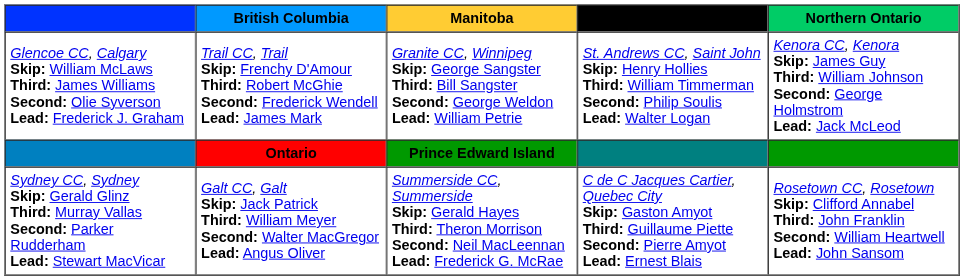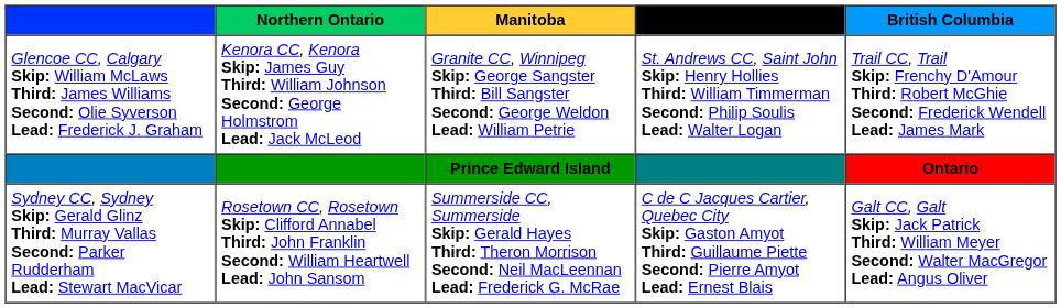 <table - border=1 cellpadding=5 cellspacing=0>
 <tr>
 <th bgcolor=#0033FF width=200></th>
-<th style="background:#09f; width:200px;">British Columbia</th>
+<th style="background:#0c6; width:200px;">Northern Ontario</th>
 <th style="background:#FFCC33; width:200px;">Manitoba</th>
 <th bgcolor=#000000 width=200></th>
-<th style="background:#0c6; width:200px;">Northern Ontario</th>
+<th style="background:#09f; width:200px;">British Columbia</th>
 </tr>
 <tr>
 <td><em><a href='#'>Glencoe CC</a>, <a href='#'>Calgary</a></em><br><strong>Skip:</strong> <a href='#'>William McLaws</a><br> <strong>Third:</strong> <a href='#'>James Williams</a><br> <strong>Second:</strong> <a href='#'>Olie Syverson</a><br> <strong>Lead:</strong> <a href='#'>Frederick J. Graham</a></td>
-<td><em><a href='#'>Trail CC</a>, <a href='#'>Trail</a></em><br><strong>Skip:</strong> <a href='#'>Frenchy D'Amour</a><br> <strong>Third:</strong> <a href='#'>Robert McGhie</a><br> <strong>Second:</strong> <a href='#'>Frederick Wendell</a><br> <strong>Lead:</strong> <a href='#'>James Mark</a></td>
+<td><em><a href='#'>Kenora CC</a>, <a href='#'>Kenora</a></em><br><strong>Skip:</strong> <a href='#'>James Guy</a><br> <strong>Third:</strong> <a href='#'>William Johnson</a><br> <strong>Second:</strong> <a href='#'>George Holmstrom</a><br> <strong>Lead:</strong> <a href='#'>Jack McLeod</a></td>
 <td><em><a href='#'>Granite CC</a>, <a href='#'>Winnipeg</a></em><br><strong>Skip:</strong> <a href='#'>George Sangster</a><br> <strong>Third:</strong> <a href='#'>Bill Sangster</a><br> <strong>Second:</strong> <a href='#'>George Weldon</a><br> <strong>Lead:</strong> <a href='#'>William Petrie</a></td>
 <td><em><a href='#'>St. Andrews CC</a>, <a href='#'>Saint John</a></em><br><strong>Skip:</strong> <a href='#'>Henry Hollies</a><br> <strong>Third:</strong> <a href='#'>William Timmerman</a><br> <strong>Second:</strong> <a href='#'>Philip Soulis</a><br> <strong>Lead:</strong> <a href='#'>Walter Logan</a></td>
-<td><em><a href='#'>Kenora CC</a>, <a href='#'>Kenora</a></em><br><strong>Skip:</strong> <a href='#'>James Guy</a><br> <strong>Third:</strong> <a href='#'>William Johnson</a><br> <strong>Second:</strong> <a href='#'>George Holmstrom</a><br> <strong>Lead:</strong> <a href='#'>Jack McLeod</a></td>
+<td><em><a href='#'>Trail CC</a>, <a href='#'>Trail</a></em><br><strong>Skip:</strong> <a href='#'>Frenchy D'Amour</a><br> <strong>Third:</strong> <a href='#'>Robert McGhie</a><br> <strong>Second:</strong> <a href='#'>Frederick Wendell</a><br> <strong>Lead:</strong> <a href='#'>James Mark</a></td>
 </tr>
 <tr border=1 cellpadding=5 cellspacing=0>
 <th bgcolor=#0080C0 width=200></th>
-<th bgcolor=#FF0000 width=200>Ontario</th>
+<th bgcolor=#009900 width=200></th>
 <th style="background:#090; width:200px;">Prince Edward Island</th>
 <th style="background:#008080; width:200px;"></th>
-<th bgcolor=#009900 width=200></th>
+<th bgcolor=#FF0000 width=200>Ontario</th>
 </tr>
 <tr>
 <td><em><a href='#'>Sydney CC</a>, <a href='#'>Sydney</a></em><br><strong>Skip:</strong> <a href='#'>Gerald Glinz</a><br> <strong>Third:</strong> <a href='#'>Murray Vallas</a><br> <strong>Second:</strong> <a href='#'>Parker Rudderham</a><br> <strong>Lead:</strong> <a href='#'>Stewart MacVicar</a></td>
-<td><em><a href='#'>Galt CC</a>, <a href='#'>Galt</a></em><br><strong>Skip:</strong> <a href='#'>Jack Patrick</a><br> <strong>Third:</strong> <a href='#'>William Meyer</a><br> <strong>Second:</strong> <a href='#'>Walter MacGregor</a><br> <strong>Lead:</strong> <a href='#'>Angus Oliver</a></td>
+<td><em><a href='#'>Rosetown CC</a>, <a href='#'>Rosetown</a></em><br><strong>Skip:</strong> <a href='#'>Clifford Annabel</a><br> <strong>Third:</strong> <a href='#'>John Franklin</a><br> <strong>Second:</strong> <a href='#'>William Heartwell</a><br> <strong>Lead:</strong> <a href='#'>John Sansom</a></td>
 <td><em><a href='#'>Summerside CC</a>, <a href='#'>Summerside</a></em><br><strong>Skip:</strong> <a href='#'>Gerald Hayes</a><br> <strong>Third:</strong> <a href='#'>Theron Morrison</a><br> <strong>Second:</strong> <a href='#'>Neil MacLeennan</a><br> <strong>Lead:</strong> <a href='#'>Frederick G. McRae</a></td>
 <td><em><a href='#'>C de C Jacques Cartier</a>, <a href='#'>Quebec City</a></em><br><strong>Skip:</strong> <a href='#'>Gaston Amyot</a><br> <strong>Third:</strong> <a href='#'>Guillaume Piette</a><br> <strong>Second:</strong> <a href='#'>Pierre Amyot</a><br> <strong>Lead:</strong> <a href='#'>Ernest Blais</a></td>
-<td><em><a href='#'>Rosetown CC</a>, <a href='#'>Rosetown</a></em><br><strong>Skip:</strong> <a href='#'>Clifford Annabel</a><br> <strong>Third:</strong> <a href='#'>John Franklin</a><br> <strong>Second:</strong> <a href='#'>William Heartwell</a><br> <strong>Lead:</strong> <a href='#'>John Sansom</a></td>
+<td><em><a href='#'>Galt CC</a>, <a href='#'>Galt</a></em><br><strong>Skip:</strong> <a href='#'>Jack Patrick</a><br> <strong>Third:</strong> <a href='#'>William Meyer</a><br> <strong>Second:</strong> <a href='#'>Walter MacGregor</a><br> <strong>Lead:</strong> <a href='#'>Angus Oliver</a></td>
 </tr>
 </table>
